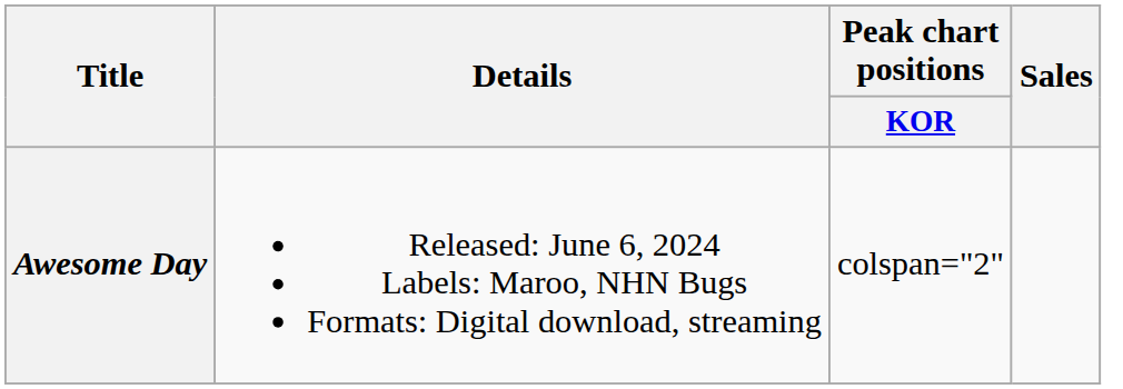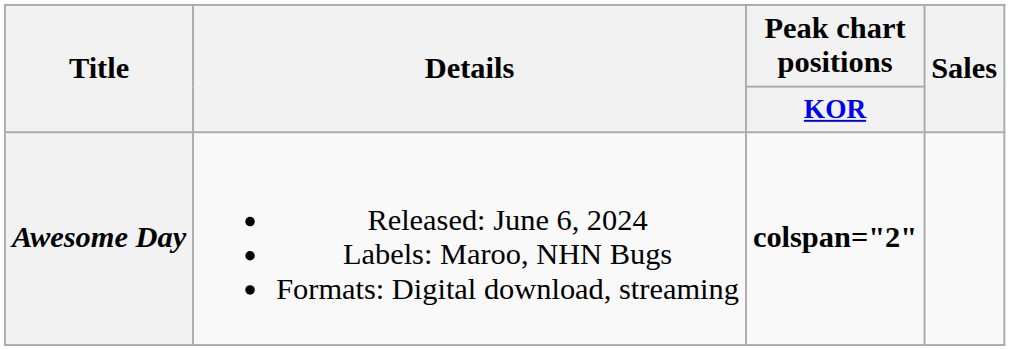 <table class="wikitable plainrowheaders" style="text-align:center">
 <tr>
 <th rowspan="2" scope="col">Title</th>
 <th rowspan="2" scope="col">Details</th>
 <th colspan="1" scope="col">Peak chart positions</th>
 <th rowspan="2" scope="col">Sales</th>
 </tr>
 <tr>
 <th scope="col" style="width:2.7em;font-size:90%"><a href='#'>KOR</a><br></th>
 </tr>
 <tr>
 <th scope="row"><em>Awesome Day</em></th>
 <td><br><ul><li>Released: June 6, 2024</li><li>Labels: Maroo, NHN Bugs</li><li>Formats: Digital download, streaming</li></ul></td>
-<td>colspan="2" </td>
+<td><strong>colspan="2" </strong></td>
 </tr>
 </table>
